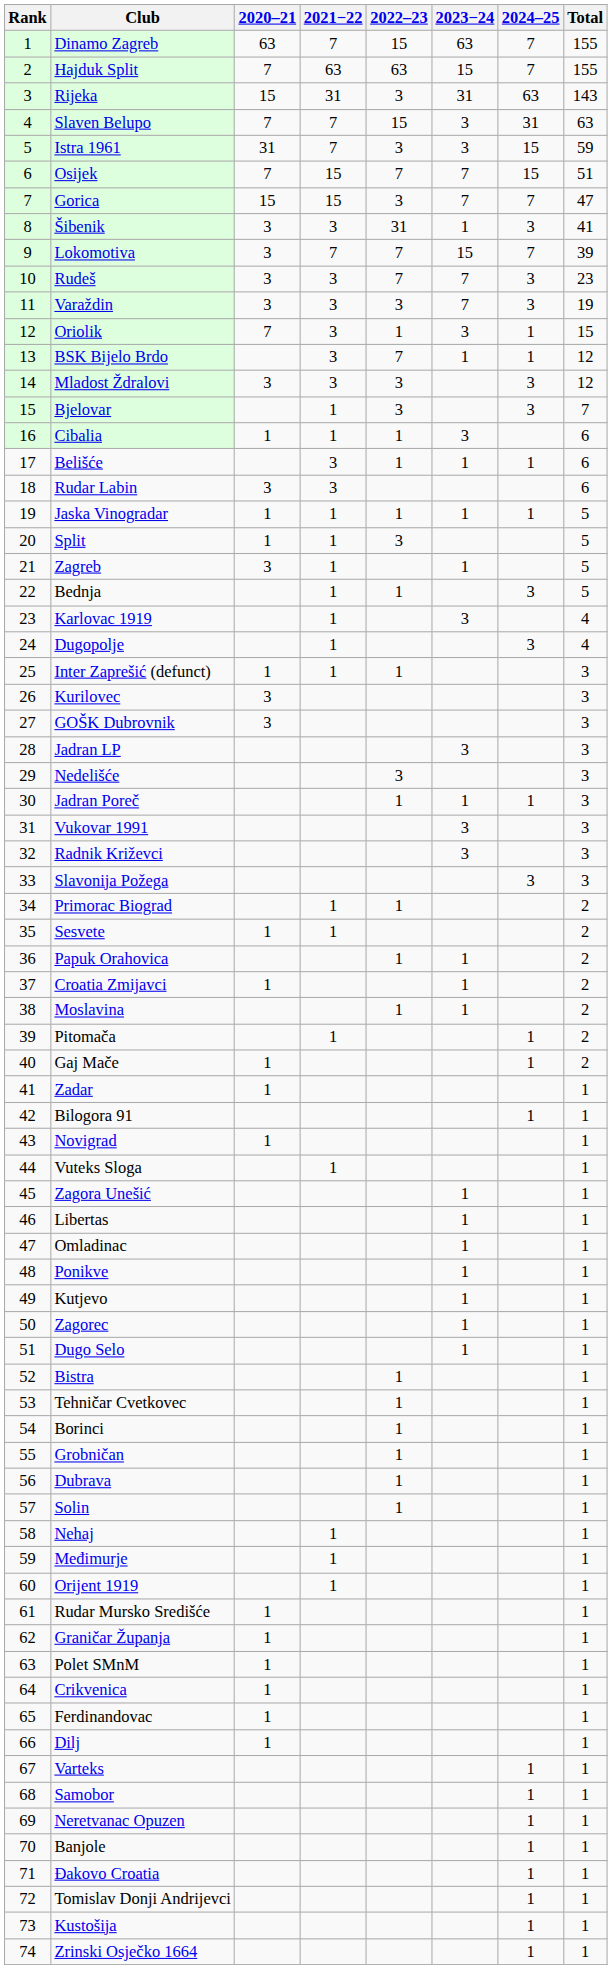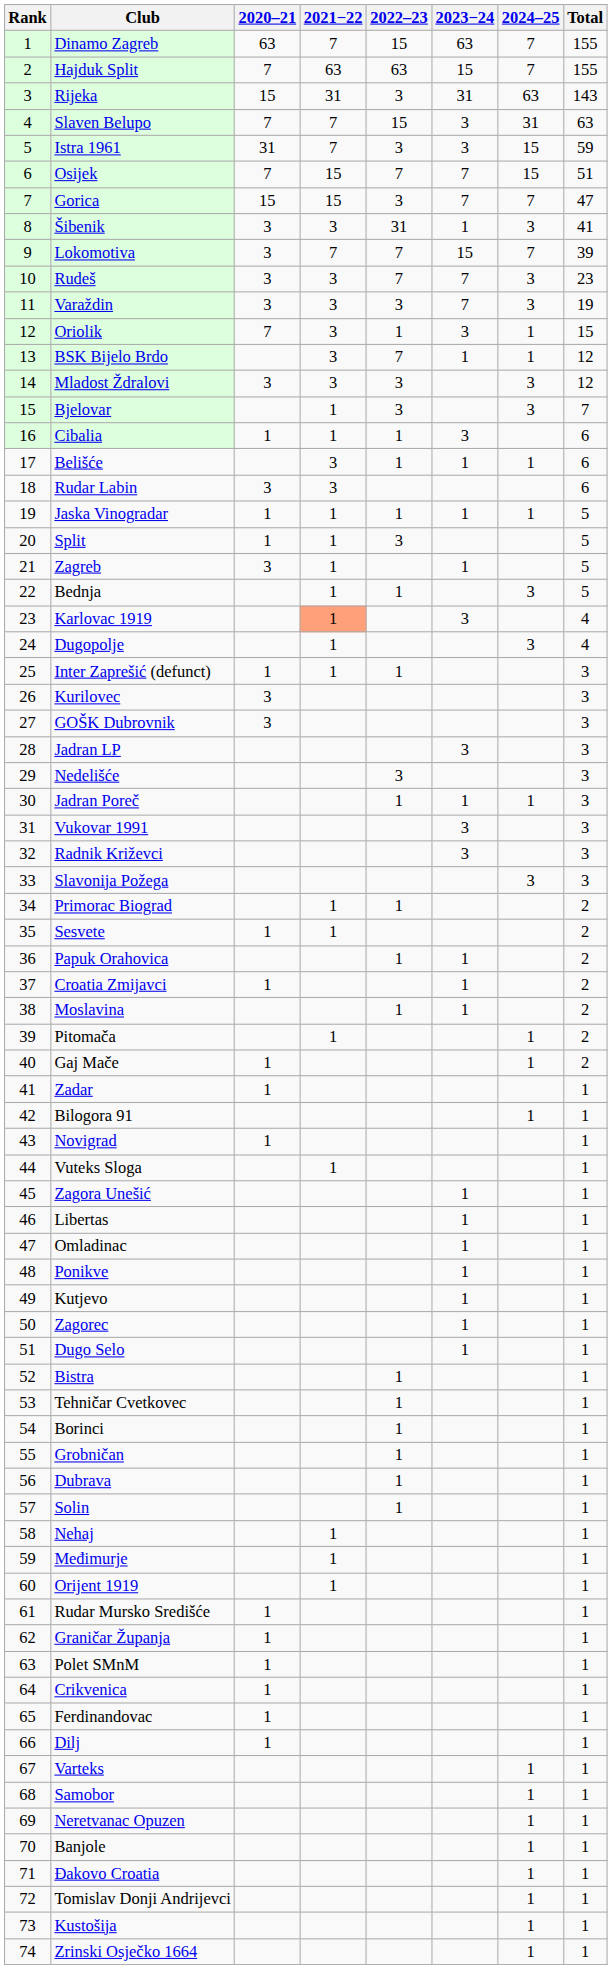 <table class="sortable wikitable plainrowheaders">
 <tr>
 <th scope="col">Rank</th>
 <th scope="col">Club</th>
 <th scope="col"><a href='#'>2020–21</a></th>
 <th scope="col"><a href='#'>2021−22</a></th>
 <th scope="col"><a href='#'>2022–23</a></th>
 <th><a href='#'>2023−24</a></th>
 <th scope="col"><a href='#'>2024–25</a></th>
 <th scope="col">Total</th>
 </tr>
 <tr>
 <td style="background:#dfd;" align="center">1</td>
 <td style="background:#dfd;"><a href='#'>Dinamo Zagreb</a></td>
 <td align="center">63</td>
 <td align="center">7</td>
 <td align="center">15</td>
 <td align="center">63</td>
 <td align="center">7</td>
 <td align="center">155</td>
 </tr>
 <tr>
 <td align="center" style="background:#dfd;">2</td>
 <td style="background:#dfd;"><a href='#'>Hajduk Split</a></td>
 <td align="center">7</td>
 <td align="center">63</td>
 <td align="center">63</td>
 <td align="center">15</td>
 <td align="center">7</td>
 <td align="center">155</td>
 </tr>
 <tr>
 <td align="center" style="background:#dfd;">3</td>
 <td style="background:#dfd;"><a href='#'>Rijeka</a></td>
 <td align="center">15</td>
 <td align="center">31</td>
 <td align="center">3</td>
 <td align="center">31</td>
 <td align="center">63</td>
 <td align="center">143</td>
 </tr>
 <tr>
 <td align="center" style="background:#dfd;">4</td>
 <td style="background:#dfd;"><a href='#'>Slaven Belupo</a></td>
 <td align="center">7</td>
 <td align="center">7</td>
 <td align="center">15</td>
 <td align="center">3</td>
 <td align="center">31</td>
 <td align="center">63</td>
 </tr>
 <tr>
 <td align="center" style="background:#dfd;">5</td>
 <td style="background:#dfd;"><a href='#'>Istra 1961</a></td>
 <td align="center">31</td>
 <td align="center">7</td>
 <td align="center">3</td>
 <td align="center">3</td>
 <td align="center">15</td>
 <td align="center">59</td>
 </tr>
 <tr>
 <td align="center" style="background:#dfd;">6</td>
 <td style="background:#dfd;"><a href='#'>Osijek</a></td>
 <td align="center">7</td>
 <td align="center">15</td>
 <td align="center">7</td>
 <td align="center">7</td>
 <td align="center">15</td>
 <td align="center">51</td>
 </tr>
 <tr>
 <td align="center" style="background:#dfd;">7</td>
 <td style="background:#dfd;"><a href='#'>Gorica</a></td>
 <td align="center">15</td>
 <td align="center">15</td>
 <td align="center">3</td>
 <td align="center">7</td>
 <td align="center">7</td>
 <td align="center">47</td>
 </tr>
 <tr>
 <td align="center" style="background:#dfd;">8</td>
 <td style="background:#dfd;"><a href='#'>Šibenik</a></td>
 <td align="center">3</td>
 <td align="center">3</td>
 <td align="center">31</td>
 <td align="center">1</td>
 <td align="center">3</td>
 <td align="center">41</td>
 </tr>
 <tr>
 <td align="center" style="background:#dfd;">9</td>
 <td style="background:#dfd;"><a href='#'>Lokomotiva</a></td>
 <td align="center">3</td>
 <td align="center">7</td>
 <td align="center">7</td>
 <td align="center">15</td>
 <td align="center">7</td>
 <td align="center">39</td>
 </tr>
 <tr>
 <td style="background:#dfd;" align="center">10</td>
 <td style="background:#dfd;"><a href='#'>Rudeš</a></td>
 <td align="center">3</td>
 <td align="center">3</td>
 <td align="center">7</td>
 <td align="center">7</td>
 <td align="center">3</td>
 <td align="center">23</td>
 </tr>
 <tr>
 <td style="background:#dfd;" align="center">11</td>
 <td style="background:#dfd;"><a href='#'>Varaždin</a></td>
 <td align="center">3</td>
 <td align="center">3</td>
 <td align="center">3</td>
 <td align="center">7</td>
 <td align="center">3</td>
 <td align="center">19</td>
 </tr>
 <tr>
 <td style="background:#dfd;" align="center">12</td>
 <td style="background:#dfd;"><a href='#'>Oriolik</a></td>
 <td align="center">7</td>
 <td align="center">3</td>
 <td align="center">1</td>
 <td align="center">3</td>
 <td align="center">1</td>
 <td align="center">15</td>
 </tr>
 <tr>
 <td style="background:#dfd;" align="center">13</td>
 <td style="background:#dfd;"><a href='#'>BSK Bijelo Brdo</a></td>
 <td></td>
 <td align="center">3</td>
 <td align="center">7</td>
 <td align="center">1</td>
 <td align="center">1</td>
 <td align="center">12</td>
 </tr>
 <tr>
 <td align="center" style="background:#dfd;">14</td>
 <td style="background:#dfd;"><a href='#'>Mladost Ždralovi</a></td>
 <td align="center">3</td>
 <td align="center">3</td>
 <td align="center">3</td>
 <td align="center"></td>
 <td align="center">3</td>
 <td align="center">12</td>
 </tr>
 <tr>
 <td align="center" style="background:#dfd;">15</td>
 <td style="background:#dfd;"><a href='#'>Bjelovar</a></td>
 <td></td>
 <td align="center">1</td>
 <td align="center">3</td>
 <td align="center"></td>
 <td align="center">3</td>
 <td align="center">7</td>
 </tr>
 <tr>
 <td align="center" style="background:#dfd;">16</td>
 <td style="background:#dfd;"><a href='#'>Cibalia</a></td>
 <td align="center">1</td>
 <td align="center">1</td>
 <td align="center">1</td>
 <td align="center">3</td>
 <td align="center"></td>
 <td align="center">6</td>
 </tr>
 <tr>
 <td align="center">17</td>
 <td><a href='#'>Belišće</a></td>
 <td></td>
 <td align="center">3</td>
 <td align="center">1</td>
 <td align="center">1</td>
 <td align="center">1</td>
 <td align="center">6</td>
 </tr>
 <tr>
 <td align="center">18</td>
 <td><a href='#'>Rudar Labin</a></td>
 <td align="center">3</td>
 <td align="center">3</td>
 <td></td>
 <td></td>
 <td></td>
 <td align="center">6</td>
 </tr>
 <tr>
 <td align="center">19</td>
 <td><a href='#'>Jaska Vinogradar</a></td>
 <td align="center">1</td>
 <td align="center">1</td>
 <td align="center">1</td>
 <td align="center">1</td>
 <td align="center">1</td>
 <td align="center">5</td>
 </tr>
 <tr>
 <td align="center">20</td>
 <td><a href='#'>Split</a></td>
 <td align="center">1</td>
 <td align="center">1</td>
 <td align="center">3</td>
 <td align="center"></td>
 <td align="center"></td>
 <td align="center">5</td>
 </tr>
 <tr>
 <td align="center">21</td>
 <td><a href='#'>Zagreb</a></td>
 <td align="center">3</td>
 <td align="center">1</td>
 <td align="center"></td>
 <td align="center">1</td>
 <td align="center"></td>
 <td align="center">5</td>
 </tr>
 <tr>
 <td align="center">22</td>
 <td>Bednja</td>
 <td></td>
 <td align="center">1</td>
 <td align="center">1</td>
 <td align="center"></td>
 <td align="center">3</td>
 <td align="center">5</td>
 </tr>
 <tr>
 <td align="center">23</td>
 <td><a href='#'>Karlovac 1919</a></td>
 <td></td>
-<td align="center">1</td>
+<td align="center" style="background: lightsalmon;">1</td>
 <td align="center"></td>
 <td align="center">3</td>
 <td align="center"></td>
 <td align="center">4</td>
 </tr>
 <tr>
 <td align="center">24</td>
 <td><a href='#'>Dugopolje</a></td>
 <td></td>
 <td align="center">1</td>
 <td align="center"></td>
 <td align="center"></td>
 <td align="center">3</td>
 <td align="center">4</td>
 </tr>
 <tr>
 <td align="center">25</td>
 <td><a href='#'>Inter Zaprešić</a> (defunct)</td>
 <td align="center">1</td>
 <td align="center">1</td>
 <td align="center">1</td>
 <td align="center"></td>
 <td align="center"></td>
 <td align="center">3</td>
 </tr>
 <tr>
 <td align="center">26</td>
 <td><a href='#'>Kurilovec</a></td>
 <td align="center">3</td>
 <td align="center"></td>
 <td align="center"></td>
 <td align="center"></td>
 <td align="center"></td>
 <td align="center">3</td>
 </tr>
 <tr>
 <td align="center">27</td>
 <td><a href='#'>GOŠK Dubrovnik</a></td>
 <td align="center">3</td>
 <td align="center"></td>
 <td align="center"></td>
 <td align="center"></td>
 <td align="center"></td>
 <td align="center">3</td>
 </tr>
 <tr>
 <td align="center">28</td>
 <td><a href='#'>Jadran LP</a></td>
 <td></td>
 <td align="center"></td>
 <td align="center"></td>
 <td align="center">3</td>
 <td></td>
 <td align="center">3</td>
 </tr>
 <tr>
 <td align="center">29</td>
 <td><a href='#'>Nedelišće</a></td>
 <td></td>
 <td align="center"></td>
 <td align="center">3</td>
 <td align="center"></td>
 <td></td>
 <td align="center">3</td>
 </tr>
 <tr>
 <td align="center">30</td>
 <td><a href='#'>Jadran Poreč</a></td>
 <td></td>
 <td align="center"></td>
 <td align="center">1</td>
 <td align="center">1</td>
 <td align="center">1</td>
 <td align="center">3</td>
 </tr>
 <tr>
 <td align="center">31</td>
 <td><a href='#'>Vukovar 1991</a></td>
 <td></td>
 <td align="center"></td>
 <td align="center"></td>
 <td align="center">3</td>
 <td></td>
 <td align="center">3</td>
 </tr>
 <tr>
 <td align="center">32</td>
 <td><a href='#'>Radnik Križevci</a></td>
 <td></td>
 <td align="center"></td>
 <td align="center"></td>
 <td align="center">3</td>
 <td></td>
 <td align="center">3</td>
 </tr>
 <tr>
 <td align="center">33</td>
 <td><a href='#'>Slavonija Požega</a></td>
 <td></td>
 <td align="center"></td>
 <td align="center"></td>
 <td align="center"></td>
 <td align="center">3</td>
 <td align="center">3</td>
 </tr>
 <tr>
 <td align="center">34</td>
 <td><a href='#'>Primorac Biograd</a></td>
 <td></td>
 <td align="center">1</td>
 <td align="center">1</td>
 <td align="center"></td>
 <td></td>
 <td align="center">2</td>
 </tr>
 <tr>
 <td align="center">35</td>
 <td><a href='#'>Sesvete</a></td>
 <td align="center">1</td>
 <td align="center">1</td>
 <td align="center"></td>
 <td align="center"></td>
 <td></td>
 <td align="center">2</td>
 </tr>
 <tr>
 <td align="center">36</td>
 <td><a href='#'>Papuk Orahovica</a></td>
 <td></td>
 <td align="center"></td>
 <td align="center">1</td>
 <td align="center">1</td>
 <td align="center"></td>
 <td align="center">2</td>
 </tr>
 <tr>
 <td align="center">37</td>
 <td><a href='#'>Croatia Zmijavci</a></td>
 <td align="center">1</td>
 <td align="center"></td>
 <td align="center"></td>
 <td align="center">1</td>
 <td></td>
 <td align="center">2</td>
 </tr>
 <tr>
 <td align="center">38</td>
 <td><a href='#'>Moslavina</a></td>
 <td></td>
 <td align="center"></td>
 <td align="center">1</td>
 <td align="center">1</td>
 <td></td>
 <td align="center">2</td>
 </tr>
 <tr>
 <td align="center">39</td>
 <td>Pitomača</td>
 <td></td>
 <td align="center">1</td>
 <td align="center"></td>
 <td align="center"></td>
 <td align="center">1</td>
 <td align="center">2</td>
 </tr>
 <tr>
 <td align="center">40</td>
 <td>Gaj Mače</td>
 <td align="center">1</td>
 <td align="center"></td>
 <td align="center"></td>
 <td align="center"></td>
 <td align="center">1</td>
 <td align="center">2</td>
 </tr>
 <tr>
 <td align="center">41</td>
 <td><a href='#'>Zadar</a></td>
 <td align="center">1</td>
 <td align="center"></td>
 <td align="center"></td>
 <td align="center"></td>
 <td align="center"></td>
 <td align="center">1</td>
 </tr>
 <tr>
 <td align="center">42</td>
 <td>Bilogora 91</td>
 <td></td>
 <td align="center"></td>
 <td align="center"></td>
 <td align="center"></td>
 <td align="center">1</td>
 <td align="center">1</td>
 </tr>
 <tr>
 <td align="center">43</td>
 <td><a href='#'>Novigrad</a></td>
 <td align="center">1</td>
 <td align="center"></td>
 <td align="center"></td>
 <td align="center"></td>
 <td align="center"></td>
 <td align="center">1</td>
 </tr>
 <tr>
 <td align="center">44</td>
 <td>Vuteks Sloga</td>
 <td></td>
 <td align="center">1</td>
 <td align="center"></td>
 <td align="center"></td>
 <td align="center"></td>
 <td align="center">1</td>
 </tr>
 <tr>
 <td align="center">45</td>
 <td><a href='#'>Zagora Unešić</a></td>
 <td></td>
 <td align="center"></td>
 <td align="center"></td>
 <td align="center">1</td>
 <td align="center"></td>
 <td align="center">1</td>
 </tr>
 <tr>
 <td align="center">46</td>
 <td>Libertas</td>
 <td></td>
 <td align="center"></td>
 <td align="center"></td>
 <td align="center">1</td>
 <td></td>
 <td align="center">1</td>
 </tr>
 <tr>
 <td align="center">47</td>
 <td>Omladinac</td>
 <td></td>
 <td align="center"></td>
 <td align="center"></td>
 <td align="center">1</td>
 <td align="center"></td>
 <td align="center">1</td>
 </tr>
 <tr>
 <td align="center">48</td>
 <td><a href='#'>Ponikve</a></td>
 <td></td>
 <td align="center"></td>
 <td align="center"></td>
 <td align="center">1</td>
 <td></td>
 <td align="center">1</td>
 </tr>
 <tr>
 <td align="center">49</td>
 <td>Kutjevo</td>
 <td></td>
 <td align="center"></td>
 <td align="center"></td>
 <td align="center">1</td>
 <td></td>
 <td align="center">1</td>
 </tr>
 <tr>
 <td align="center">50</td>
 <td><a href='#'>Zagorec</a></td>
 <td></td>
 <td align="center"></td>
 <td align="center"></td>
 <td align="center">1</td>
 <td></td>
 <td align="center">1</td>
 </tr>
 <tr>
 <td align="center">51</td>
 <td><a href='#'>Dugo Selo</a></td>
 <td></td>
 <td align="center"></td>
 <td align="center"></td>
 <td align="center">1</td>
 <td></td>
 <td align="center">1</td>
 </tr>
 <tr>
 <td align="center">52</td>
 <td><a href='#'>Bistra</a></td>
 <td></td>
 <td align="center"></td>
 <td align="center">1</td>
 <td align="center"></td>
 <td></td>
 <td align="center">1</td>
 </tr>
 <tr>
 <td align="center">53</td>
 <td>Tehničar Cvetkovec</td>
 <td></td>
 <td align="center"></td>
 <td align="center">1</td>
 <td align="center"></td>
 <td></td>
 <td align="center">1</td>
 </tr>
 <tr>
 <td align="center">54</td>
 <td>Borinci</td>
 <td></td>
 <td align="center"></td>
 <td align="center">1</td>
 <td align="center"></td>
 <td></td>
 <td align="center">1</td>
 </tr>
 <tr>
 <td align="center">55</td>
 <td><a href='#'>Grobničan</a></td>
 <td></td>
 <td></td>
 <td align="center">1</td>
 <td></td>
 <td></td>
 <td align="center">1</td>
 </tr>
 <tr>
 <td align="center">56</td>
 <td><a href='#'>Dubrava</a></td>
 <td></td>
 <td></td>
 <td align="center">1</td>
 <td></td>
 <td></td>
 <td align="center">1</td>
 </tr>
 <tr>
 <td align="center">57</td>
 <td><a href='#'>Solin</a></td>
 <td></td>
 <td></td>
 <td align="center">1</td>
 <td></td>
 <td></td>
 <td align="center">1</td>
 </tr>
 <tr>
 <td align="center">58</td>
 <td><a href='#'>Nehaj</a></td>
 <td></td>
 <td align="center">1</td>
 <td align="center"></td>
 <td align="center"></td>
 <td></td>
 <td align="center">1</td>
 </tr>
 <tr>
 <td align="center">59</td>
 <td><a href='#'>Međimurje</a></td>
 <td></td>
 <td align="center">1</td>
 <td align="center"></td>
 <td align="center"></td>
 <td></td>
 <td align="center">1</td>
 </tr>
 <tr>
 <td align="center">60</td>
 <td><a href='#'>Orijent 1919</a></td>
 <td></td>
 <td align="center">1</td>
 <td align="center"></td>
 <td align="center"></td>
 <td></td>
 <td align="center">1</td>
 </tr>
 <tr>
 <td align="center">61</td>
 <td>Rudar Mursko Središće</td>
 <td align="center">1</td>
 <td align="center"></td>
 <td align="center"></td>
 <td align="center"></td>
 <td></td>
 <td align="center">1</td>
 </tr>
 <tr>
 <td align="center">62</td>
 <td><a href='#'>Graničar Županja</a></td>
 <td align="center">1</td>
 <td align="center"></td>
 <td align="center"></td>
 <td align="center"></td>
 <td></td>
 <td align="center">1</td>
 </tr>
 <tr>
 <td align="center">63</td>
 <td>Polet SMnM</td>
 <td align="center">1</td>
 <td align="center"></td>
 <td align="center"></td>
 <td align="center"></td>
 <td></td>
 <td align="center">1</td>
 </tr>
 <tr>
 <td align="center">64</td>
 <td><a href='#'>Crikvenica</a></td>
 <td align="center">1</td>
 <td align="center"></td>
 <td align="center"></td>
 <td align="center"></td>
 <td></td>
 <td align="center">1</td>
 </tr>
 <tr>
 <td align="center">65</td>
 <td>Ferdinandovac</td>
 <td align="center">1</td>
 <td align="center"></td>
 <td align="center"></td>
 <td align="center"></td>
 <td></td>
 <td align="center">1</td>
 </tr>
 <tr>
 <td align="center">66</td>
 <td><a href='#'>Dilj</a></td>
 <td align="center">1</td>
 <td align="center"></td>
 <td align="center"></td>
 <td align="center"></td>
 <td></td>
 <td align="center">1</td>
 </tr>
 <tr>
 <td align="center">67</td>
 <td><a href='#'>Varteks</a></td>
 <td></td>
 <td align="center"></td>
 <td align="center"></td>
 <td align="center"></td>
 <td align="center">1</td>
 <td align="center">1</td>
 </tr>
 <tr>
 <td align="center">68</td>
 <td><a href='#'>Samobor</a></td>
 <td></td>
 <td align="center"></td>
 <td align="center"></td>
 <td align="center"></td>
 <td align="center">1</td>
 <td align="center">1</td>
 </tr>
 <tr>
 <td align="center">69</td>
 <td><a href='#'>Neretvanac Opuzen</a></td>
 <td></td>
 <td align="center"></td>
 <td align="center"></td>
 <td align="center"></td>
 <td align="center">1</td>
 <td align="center">1</td>
 </tr>
 <tr>
 <td align="center">70</td>
 <td>Banjole</td>
 <td></td>
 <td align="center"></td>
 <td align="center"></td>
 <td align="center"></td>
 <td align="center">1</td>
 <td align="center">1</td>
 </tr>
 <tr>
 <td align="center">71</td>
 <td><a href='#'>Đakovo Croatia</a></td>
 <td></td>
 <td align="center"></td>
 <td align="center"></td>
 <td align="center"></td>
 <td align="center">1</td>
 <td align="center">1</td>
 </tr>
 <tr>
 <td align="center">72</td>
 <td>Tomislav Donji Andrijevci</td>
 <td></td>
 <td align="center"></td>
 <td align="center"></td>
 <td align="center"></td>
 <td align="center">1</td>
 <td align="center">1</td>
 </tr>
 <tr>
 <td align="center">73</td>
 <td><a href='#'>Kustošija</a></td>
 <td></td>
 <td align="center"></td>
 <td align="center"></td>
 <td align="center"></td>
 <td align="center">1</td>
 <td align="center">1</td>
 </tr>
 <tr>
 <td align="center">74</td>
 <td><a href='#'>Zrinski Osječko 1664</a></td>
 <td></td>
 <td align="center"></td>
 <td align="center"></td>
 <td align="center"></td>
 <td align="center">1</td>
 <td align="center">1</td>
 </tr>
 </table>
